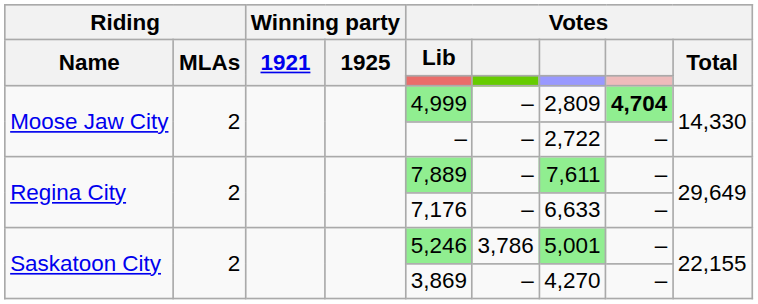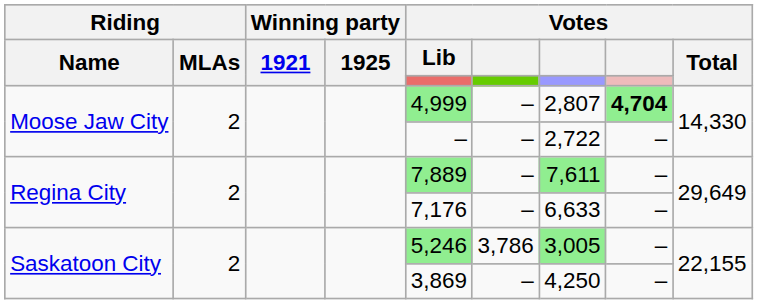 <table class="wikitable" style="text-align:right; font-size:85%">
 <tr>
 <th colspan="2">Riding</th>
 <th scope="col" colspan="2">Winning party</th>
 <th scope="col" colspan="5">Votes</th>
 </tr>
 <tr>
 <th rowspan="2">Name</th>
 <th rowspan="2">MLAs</th>
 <th rowspan="2"><strong><a href='#'>1921</a></strong></th>
 <th rowspan="2">1925</th>
 <th scope="col">Lib</th>
 <th scope="col"></th>
 <th scope="col"></th>
 <th scope="col"></th>
 <th rowspan="2" scope="col">Total</th>
 </tr>
 <tr>
 <th scope="col" style="background-color:#EA6D6A;"></th>
 <th scope="col" style="background-color:#66CC00;"></th>
 <th scope="col" style="background-color:#9999FF;"></th>
 <th scope="col" style="background-color:#EEBBBB;"></th>
 </tr>
 <tr>
 <td rowspan="2" style="text-align:left"><a href='#'>Moose Jaw City</a></td>
 <td rowspan="2">2</td>
 <td rowspan="2"></td>
 <td rowspan="2"></td>
 <td style="background-color:lightgreen;">4,999</td>
 <td>–</td>
-<td>2,809</td>
+<td>2,807</td>
 <td style="background-color:lightgreen;"><strong>4,704</strong></td>
 <td rowspan="2">14,330</td>
 </tr>
 <tr>
 <td>–</td>
 <td>–</td>
 <td>2,722</td>
 <td>–</td>
 </tr>
 <tr>
 <td rowspan="2" style="text-align:left"><a href='#'>Regina City</a></td>
 <td rowspan="2">2</td>
 <td rowspan="2"></td>
 <td rowspan="2"></td>
 <td style="background-color:lightgreen;">7,889</td>
 <td>–</td>
 <td style="background-color:lightgreen;">7,611</td>
 <td>–</td>
 <td rowspan="2">29,649</td>
 </tr>
 <tr>
 <td>7,176</td>
 <td>–</td>
 <td>6,633</td>
 <td>–</td>
 </tr>
 <tr>
 <td rowspan="2" style="text-align:left"><a href='#'>Saskatoon City</a></td>
 <td rowspan="2">2</td>
 <td rowspan="2"></td>
 <td rowspan="2"></td>
 <td style="background-color:lightgreen;">5,246</td>
 <td>3,786</td>
-<td style="background-color:lightgreen;">5,001</td>
+<td style="background-color:lightgreen;">3,005</td>
 <td>–</td>
 <td rowspan="2">22,155</td>
 </tr>
 <tr>
 <td>3,869</td>
 <td>–</td>
-<td>4,270</td>
+<td>4,250</td>
 <td>–</td>
 </tr>
 </table>
